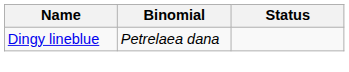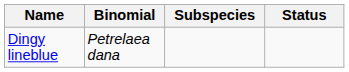 <table width=60% class="wikitable">
 <tr>
 <th width=20%>Name</th>
 <th width=20%>Binomial</th>
+<th width=20%>Subspecies</th>
 <th width=20%>Status</th>
 </tr>
 <tr>
 <td><a href='#'>Dingy lineblue</a><br> </td>
 <td><em>Petrelaea dana</em></td>
 <td></td>
+<td></td>
 </tr>
 </table>
